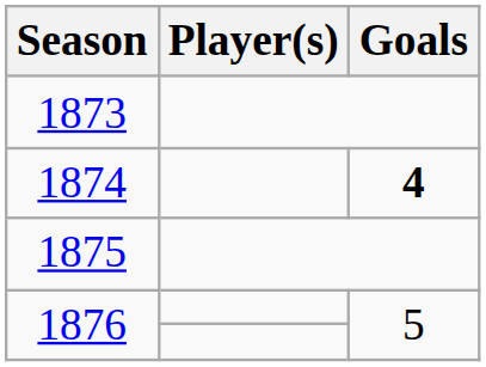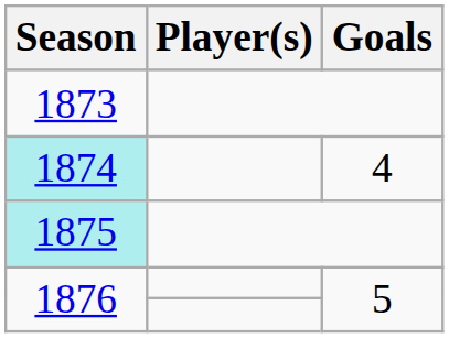 <table class="wikitable sortable" style="text-align:center">
 <tr>
 <th>Season</th>
 <th>Player(s)</th>
 <th>Goals</th>
 </tr>
 <tr>
 <td><a href='#'>1873</a></td>
 <td colspan="2"></td>
 </tr>
 <tr>
-<td><a href='#'>1874</a></td>
+<td style="background: paleturquoise;"><a href='#'>1874</a></td>
 <td></td>
-<td><strong>4</strong></td>
+<td>4</td>
 </tr>
 <tr>
-<td><a href='#'>1875</a></td>
+<td style="background: paleturquoise;"><a href='#'>1875</a></td>
 <td colspan="2"></td>
 </tr>
 <tr>
 <td rowspan="2"><a href='#'>1876</a></td>
 <td></td>
 <td rowspan="2">5</td>
 </tr>
 <tr>
 <td></td>
 </tr>
 </table>
